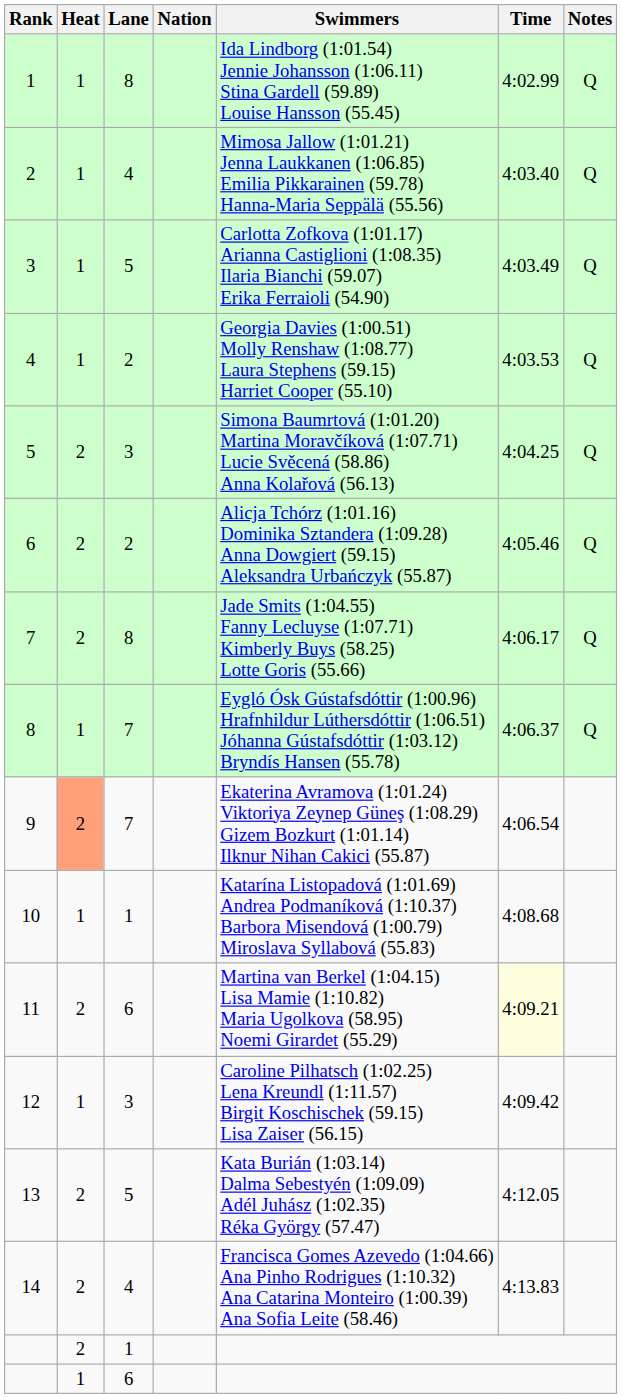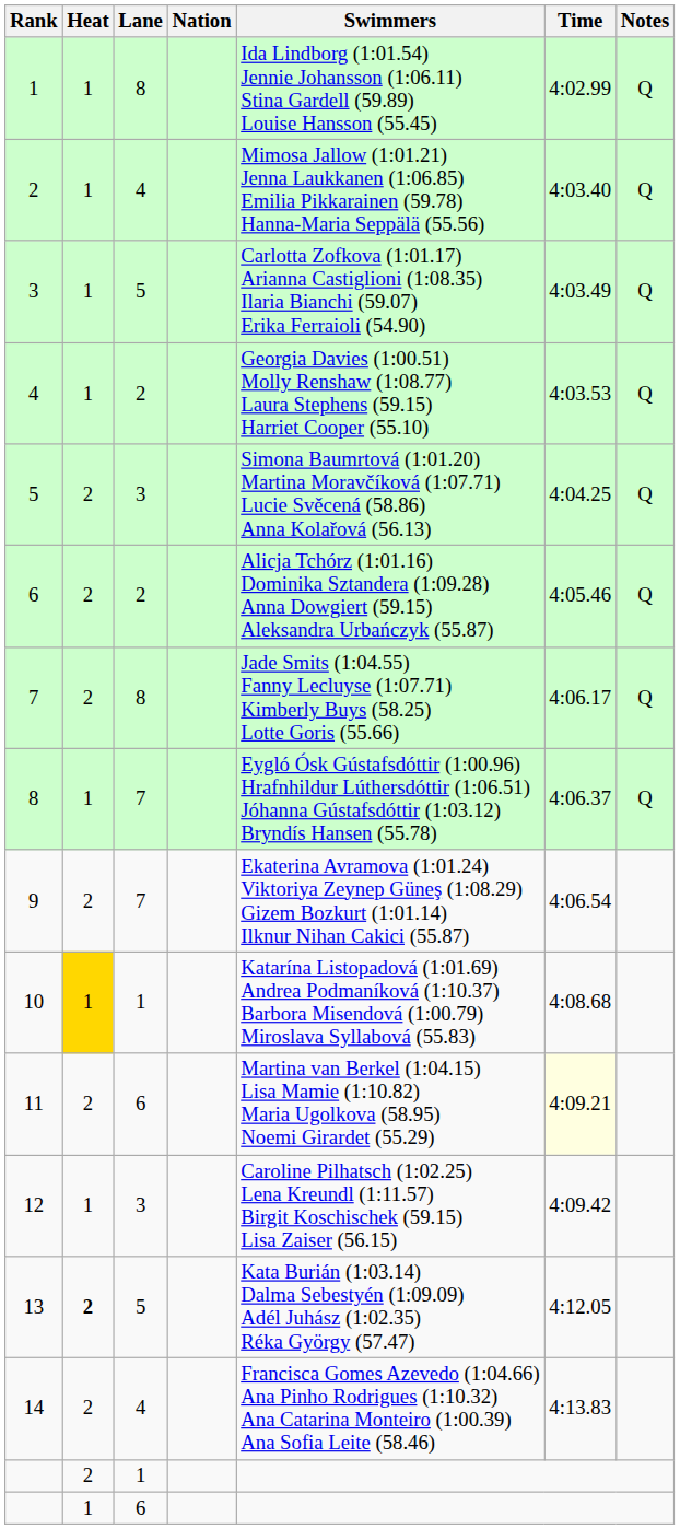 <table class="wikitable sortable" style="text-align:center">
 <tr>
 <th>Rank</th>
 <th>Heat</th>
 <th>Lane</th>
 <th>Nation</th>
 <th>Swimmers</th>
 <th>Time</th>
 <th>Notes</th>
 </tr>
 <tr bgcolor=ccffcc>
 <td>1</td>
 <td>1</td>
 <td>8</td>
 <td align=left></td>
 <td align=left><a href='#'>Ida Lindborg</a> (1:01.54)<br><a href='#'>Jennie Johansson</a> (1:06.11)<br><a href='#'>Stina Gardell</a> (59.89)<br><a href='#'>Louise Hansson</a> (55.45)</td>
 <td>4:02.99</td>
 <td>Q</td>
 </tr>
 <tr bgcolor=ccffcc>
 <td>2</td>
 <td>1</td>
 <td>4</td>
 <td align=left></td>
 <td align=left><a href='#'>Mimosa Jallow</a> (1:01.21)<br><a href='#'>Jenna Laukkanen</a> (1:06.85)<br><a href='#'>Emilia Pikkarainen</a> (59.78)<br><a href='#'>Hanna-Maria Seppälä</a> (55.56)</td>
 <td>4:03.40</td>
 <td>Q</td>
 </tr>
 <tr bgcolor=ccffcc>
 <td>3</td>
 <td>1</td>
 <td>5</td>
 <td align=left></td>
 <td align=left><a href='#'>Carlotta Zofkova</a> (1:01.17)<br><a href='#'>Arianna Castiglioni</a> (1:08.35)<br><a href='#'>Ilaria Bianchi</a> (59.07)<br><a href='#'>Erika Ferraioli</a> (54.90)</td>
 <td>4:03.49</td>
 <td>Q</td>
 </tr>
 <tr bgcolor=ccffcc>
 <td>4</td>
 <td>1</td>
 <td>2</td>
 <td align=left></td>
 <td align=left><a href='#'>Georgia Davies</a> (1:00.51)<br><a href='#'>Molly Renshaw</a> (1:08.77)<br><a href='#'>Laura Stephens</a> (59.15)<br><a href='#'>Harriet Cooper</a> (55.10)</td>
 <td>4:03.53</td>
 <td>Q</td>
 </tr>
 <tr bgcolor=ccffcc>
 <td>5</td>
 <td>2</td>
 <td>3</td>
 <td align=left></td>
 <td align=left><a href='#'>Simona Baumrtová</a> (1:01.20)<br><a href='#'>Martina Moravčíková</a> (1:07.71)<br><a href='#'>Lucie Svěcená</a> (58.86)<br><a href='#'>Anna Kolařová</a> (56.13)</td>
 <td>4:04.25</td>
 <td>Q</td>
 </tr>
 <tr bgcolor=ccffcc>
 <td>6</td>
 <td>2</td>
 <td>2</td>
 <td align=left></td>
 <td align=left><a href='#'>Alicja Tchórz</a> (1:01.16)<br><a href='#'>Dominika Sztandera</a> (1:09.28)<br><a href='#'>Anna Dowgiert</a> (59.15)<br><a href='#'>Aleksandra Urbańczyk</a> (55.87)</td>
 <td>4:05.46</td>
 <td>Q</td>
 </tr>
 <tr bgcolor=ccffcc>
 <td>7</td>
 <td>2</td>
 <td>8</td>
 <td align=left></td>
 <td align=left><a href='#'>Jade Smits</a> (1:04.55)<br><a href='#'>Fanny Lecluyse</a> (1:07.71)<br><a href='#'>Kimberly Buys</a> (58.25)<br><a href='#'>Lotte Goris</a> (55.66)</td>
 <td>4:06.17</td>
 <td>Q</td>
 </tr>
 <tr bgcolor=ccffcc>
 <td>8</td>
 <td>1</td>
 <td>7</td>
 <td align=left></td>
 <td align=left><a href='#'>Eygló Ósk Gústafsdóttir</a> (1:00.96)<br><a href='#'>Hrafnhildur Lúthersdóttir</a> (1:06.51)<br><a href='#'>Jóhanna Gústafsdóttir</a> (1:03.12)<br><a href='#'>Bryndís Hansen</a> (55.78)</td>
 <td>4:06.37</td>
 <td>Q</td>
 </tr>
 <tr>
 <td>9</td>
-<td style="background: lightsalmon;">2</td>
+<td>2</td>
 <td>7</td>
 <td align=left></td>
 <td align=left><a href='#'>Ekaterina Avramova</a> (1:01.24)<br><a href='#'>Viktoriya Zeynep Güneş</a> (1:08.29)<br><a href='#'>Gizem Bozkurt</a> (1:01.14)<br><a href='#'>Ilknur Nihan Cakici</a> (55.87)</td>
 <td>4:06.54</td>
 <td></td>
 </tr>
 <tr>
 <td>10</td>
-<td>1</td>
+<td style="background: gold;">1</td>
 <td>1</td>
 <td align=left></td>
 <td align=left><a href='#'>Katarína Listopadová</a> (1:01.69)<br><a href='#'>Andrea Podmaníková</a> (1:10.37)<br><a href='#'>Barbora Misendová</a> (1:00.79)<br><a href='#'>Miroslava Syllabová</a> (55.83)</td>
 <td>4:08.68</td>
 <td></td>
 </tr>
 <tr>
 <td>11</td>
 <td>2</td>
 <td>6</td>
 <td align=left></td>
 <td align=left><a href='#'>Martina van Berkel</a> (1:04.15)<br><a href='#'>Lisa Mamie</a> (1:10.82)<br><a href='#'>Maria Ugolkova</a> (58.95)<br><a href='#'>Noemi Girardet</a> (55.29)</td>
 <td style="background: lightyellow;">4:09.21</td>
 <td></td>
 </tr>
 <tr>
 <td>12</td>
 <td>1</td>
 <td>3</td>
 <td align=left></td>
 <td align=left><a href='#'>Caroline Pilhatsch</a> (1:02.25)<br><a href='#'>Lena Kreundl</a> (1:11.57)<br><a href='#'>Birgit Koschischek</a> (59.15)<br><a href='#'>Lisa Zaiser</a> (56.15)</td>
 <td>4:09.42</td>
 <td></td>
 </tr>
 <tr>
 <td>13</td>
-<td>2</td>
+<td><strong>2</strong></td>
 <td>5</td>
 <td align=left></td>
 <td align=left><a href='#'>Kata Burián</a> (1:03.14)<br><a href='#'>Dalma Sebestyén</a> (1:09.09)<br><a href='#'>Adél Juhász</a> (1:02.35)<br><a href='#'>Réka György</a> (57.47)</td>
 <td>4:12.05</td>
 <td></td>
 </tr>
 <tr>
 <td>14</td>
 <td>2</td>
 <td>4</td>
 <td align=left></td>
 <td align=left><a href='#'>Francisca Gomes Azevedo</a> (1:04.66)<br><a href='#'>Ana Pinho Rodrigues</a> (1:10.32)<br><a href='#'>Ana Catarina Monteiro</a> (1:00.39)<br><a href='#'>Ana Sofia Leite</a> (58.46)</td>
 <td>4:13.83</td>
 <td></td>
 </tr>
 <tr>
 <td></td>
 <td>2</td>
 <td>1</td>
 <td align=left></td>
 <td colspan=3></td>
 </tr>
 <tr>
 <td></td>
 <td>1</td>
 <td>6</td>
 <td align=left></td>
 <td colspan=3></td>
 </tr>
 </table>
